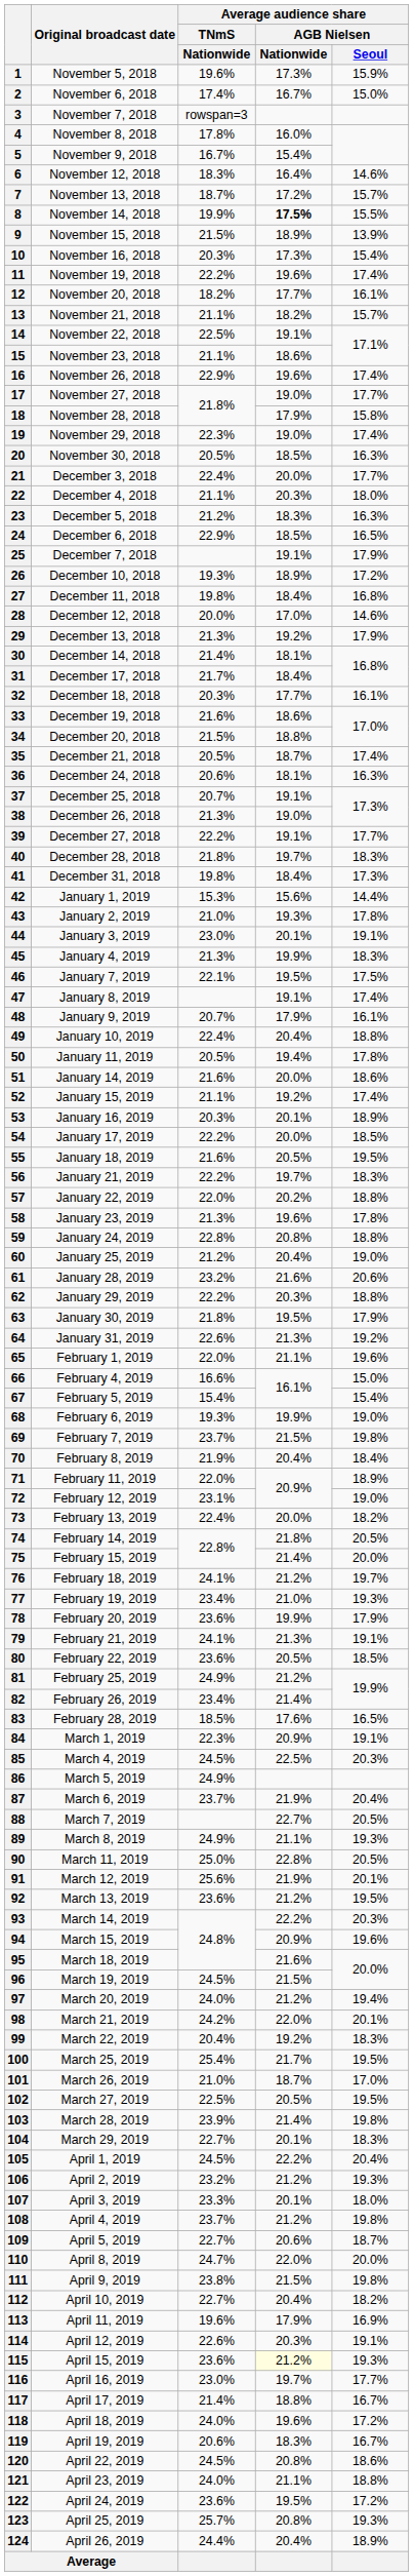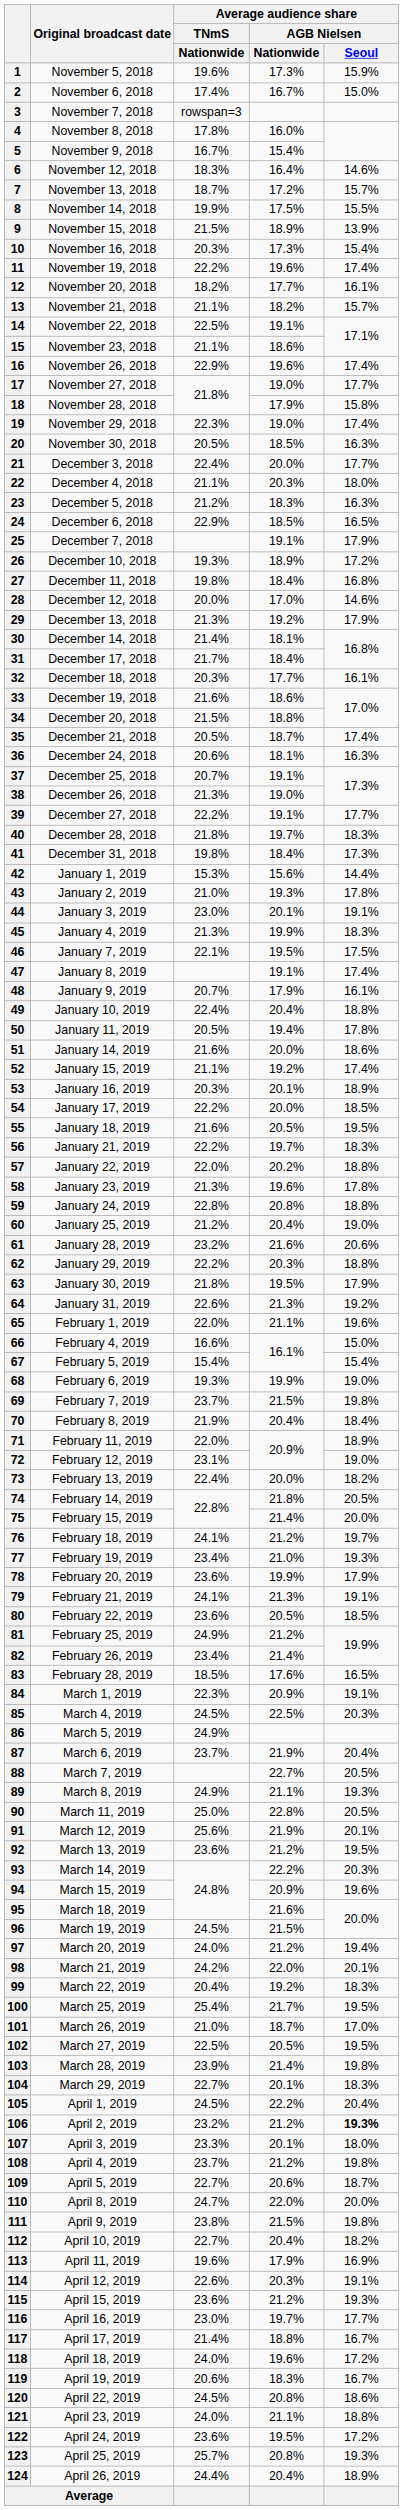 <table class="wikitable" style="text-align:center">
 <tr>
 <th rowspan="3"></th>
 <th rowspan="3">Original broadcast date</th>
 <th colspan="3">Average audience share</th>
 </tr>
 <tr>
 <th>TNmS</th>
 <th colspan="2">AGB Nielsen</th>
 </tr>
 <tr>
 <th width="90">Nationwide</th>
 <th width="90">Nationwide</th>
 <th width="90"><a href='#'>Seoul</a></th>
 </tr>
 <tr>
 <th>1</th>
 <td>November 5, 2018</td>
 <td>19.6%</td>
 <td>17.3%	</td>
 <td>15.9% </td>
 </tr>
 <tr>
 <th>2</th>
 <td>November 6, 2018</td>
 <td>17.4%</td>
 <td>16.7%	</td>
 <td>15.0% </td>
 </tr>
 <tr>
 <th>3</th>
 <td>November 7, 2018</td>
 <td>rowspan=3 </td>
 <td> </td>
 <td> </td>
 </tr>
 <tr>
 <th>4</th>
 <td>November 8, 2018</td>
 <td>17.8% </td>
 <td>16.0% </td>
 </tr>
 <tr>
 <th>5</th>
 <td>November 9, 2018</td>
 <td>16.7% </td>
 <td>15.4% </td>
 </tr>
 <tr>
 <th>6</th>
 <td>November 12, 2018</td>
 <td>18.3%</td>
 <td>16.4%	</td>
 <td>14.6% </td>
 </tr>
 <tr>
 <th>7</th>
 <td>November 13, 2018</td>
 <td>18.7%</td>
 <td>17.2% </td>
 <td>15.7% </td>
 </tr>
 <tr>
 <th>8</th>
 <td>November 14, 2018</td>
 <td>19.9%</td>
-<td><strong>17.5% </strong></td>
+<td>17.5% </td>
 <td>15.5% </td>
 </tr>
 <tr>
 <th>9</th>
 <td>November 15, 2018</td>
 <td>21.5%</td>
 <td>18.9% </td>
 <td>13.9% </td>
 </tr>
 <tr>
 <th>10</th>
 <td>November 16, 2018</td>
 <td>20.3%</td>
 <td>17.3% </td>
 <td>15.4% </td>
 </tr>
 <tr>
 <th>11</th>
 <td>November 19, 2018</td>
 <td>22.2%</td>
 <td>19.6% </td>
 <td>17.4% </td>
 </tr>
 <tr>
 <th>12</th>
 <td>November 20, 2018</td>
 <td>18.2%</td>
 <td>17.7% </td>
 <td>16.1% </td>
 </tr>
 <tr>
 <th>13</th>
 <td>November 21, 2018</td>
 <td>21.1%</td>
 <td>18.2% </td>
 <td>15.7% </td>
 </tr>
 <tr>
 <th>14</th>
 <td>November 22, 2018</td>
 <td>22.5%</td>
 <td>19.1% </td>
 <td rowspan=2>17.1% </td>
 </tr>
 <tr>
 <th>15</th>
 <td>November 23, 2018</td>
 <td>21.1%</td>
 <td>18.6% </td>
 </tr>
 <tr>
 <th>16</th>
 <td>November 26, 2018</td>
 <td>22.9%</td>
 <td>19.6% </td>
 <td>17.4% </td>
 </tr>
 <tr>
 <th>17</th>
 <td>November 27, 2018</td>
 <td rowspan=2>21.8%</td>
 <td>19.0% </td>
 <td>17.7% </td>
 </tr>
 <tr>
 <th>18</th>
 <td>November 28, 2018</td>
 <td>17.9% </td>
 <td>15.8% </td>
 </tr>
 <tr>
 <th>19</th>
 <td>November 29, 2018</td>
 <td>22.3%</td>
 <td>19.0% </td>
 <td>17.4% </td>
 </tr>
 <tr>
 <th>20</th>
 <td>November 30, 2018</td>
 <td>20.5%</td>
 <td>18.5% </td>
 <td>16.3% </td>
 </tr>
 <tr>
 <th>21</th>
 <td>December 3, 2018</td>
 <td>22.4%</td>
 <td>20.0% </td>
 <td>17.7% </td>
 </tr>
 <tr>
 <th>22</th>
 <td>December 4, 2018</td>
 <td>21.1%</td>
 <td>20.3% </td>
 <td>18.0% </td>
 </tr>
 <tr>
 <th>23</th>
 <td>December 5, 2018</td>
 <td>21.2%</td>
 <td>18.3% </td>
 <td>16.3% </td>
 </tr>
 <tr>
 <th>24</th>
 <td>December 6, 2018</td>
 <td>22.9%</td>
 <td>18.5% </td>
 <td>16.5% </td>
 </tr>
 <tr>
 <th>25</th>
 <td>December 7, 2018</td>
 <td></td>
 <td>19.1% </td>
 <td>17.9% </td>
 </tr>
 <tr>
 <th>26</th>
 <td>December 10, 2018</td>
 <td>19.3%</td>
 <td>18.9% </td>
 <td>17.2% </td>
 </tr>
 <tr>
 <th>27</th>
 <td>December 11, 2018</td>
 <td>19.8%</td>
 <td>18.4% </td>
 <td>16.8% </td>
 </tr>
 <tr>
 <th>28</th>
 <td>December 12, 2018</td>
 <td>20.0%</td>
 <td>17.0% </td>
 <td>14.6% </td>
 </tr>
 <tr>
 <th>29</th>
 <td>December 13, 2018</td>
 <td>21.3%</td>
 <td>19.2% </td>
 <td>17.9% </td>
 </tr>
 <tr>
 <th>30</th>
 <td>December 14, 2018</td>
 <td>21.4%</td>
 <td>18.1% </td>
 <td rowspan=2>16.8% </td>
 </tr>
 <tr>
 <th>31</th>
 <td>December 17, 2018</td>
 <td>21.7%</td>
 <td>18.4% </td>
 </tr>
 <tr>
 <th>32</th>
 <td>December 18, 2018</td>
 <td>20.3%</td>
 <td>17.7% </td>
 <td>16.1% </td>
 </tr>
 <tr>
 <th>33</th>
 <td>December 19, 2018</td>
 <td>21.6%</td>
 <td>18.6% </td>
 <td rowspan=2>17.0% </td>
 </tr>
 <tr>
 <th>34</th>
 <td>December 20, 2018</td>
 <td>21.5%</td>
 <td>18.8% </td>
 </tr>
 <tr>
 <th>35</th>
 <td>December 21, 2018</td>
 <td>20.5%</td>
 <td>18.7% </td>
 <td>17.4% </td>
 </tr>
 <tr>
 <th>36</th>
 <td>December 24, 2018</td>
 <td>20.6%</td>
 <td>18.1% </td>
 <td>16.3% </td>
 </tr>
 <tr>
 <th>37</th>
 <td>December 25, 2018</td>
 <td>20.7%</td>
 <td>19.1% </td>
 <td rowspan=2>17.3% </td>
 </tr>
 <tr>
 <th>38</th>
 <td>December 26, 2018</td>
 <td>21.3%</td>
 <td>19.0% </td>
 </tr>
 <tr>
 <th>39</th>
 <td>December 27, 2018</td>
 <td>22.2%</td>
 <td>19.1% </td>
 <td>17.7% </td>
 </tr>
 <tr>
 <th>40</th>
 <td>December 28, 2018</td>
 <td>21.8%</td>
 <td>19.7% </td>
 <td>18.3% </td>
 </tr>
 <tr>
 <th>41</th>
 <td>December 31, 2018</td>
 <td>19.8%</td>
 <td>18.4% </td>
 <td>17.3% </td>
 </tr>
 <tr>
 <th>42</th>
 <td>January 1, 2019</td>
 <td>15.3%</td>
 <td>15.6% </td>
 <td>14.4% </td>
 </tr>
 <tr>
 <th>43</th>
 <td>January 2, 2019</td>
 <td>21.0%</td>
 <td>19.3% </td>
 <td>17.8% </td>
 </tr>
 <tr>
 <th>44</th>
 <td>January 3, 2019</td>
 <td>23.0%</td>
 <td>20.1% </td>
 <td>19.1% </td>
 </tr>
 <tr>
 <th>45</th>
 <td>January 4, 2019</td>
 <td>21.3%</td>
 <td>19.9% </td>
 <td>18.3% </td>
 </tr>
 <tr>
 <th>46</th>
 <td>January 7, 2019</td>
 <td>22.1%</td>
 <td>19.5% </td>
 <td>17.5% </td>
 </tr>
 <tr>
 <th>47</th>
 <td>January 8, 2019</td>
 <td></td>
 <td>19.1% </td>
 <td>17.4% </td>
 </tr>
 <tr>
 <th>48</th>
 <td>January 9, 2019</td>
 <td>20.7%</td>
 <td>17.9% </td>
 <td>16.1% </td>
 </tr>
 <tr>
 <th>49</th>
 <td>January 10, 2019</td>
 <td>22.4%</td>
 <td>20.4% </td>
 <td>18.8% </td>
 </tr>
 <tr>
 <th>50</th>
 <td>January 11, 2019</td>
 <td>20.5%</td>
 <td>19.4% </td>
 <td>17.8% </td>
 </tr>
 <tr>
 <th>51</th>
 <td>January 14, 2019</td>
 <td>21.6%</td>
 <td>20.0% </td>
 <td>18.6% </td>
 </tr>
 <tr>
 <th>52</th>
 <td>January 15, 2019</td>
 <td>21.1%</td>
 <td>19.2% </td>
 <td>17.4% </td>
 </tr>
 <tr>
 <th>53</th>
 <td>January 16, 2019</td>
 <td>20.3%</td>
 <td>20.1% </td>
 <td>18.9% </td>
 </tr>
 <tr>
 <th>54</th>
 <td>January 17, 2019</td>
 <td>22.2%</td>
 <td>20.0% </td>
 <td>18.5% </td>
 </tr>
 <tr>
 <th>55</th>
 <td>January 18, 2019</td>
 <td>21.6%</td>
 <td>20.5% </td>
 <td>19.5% </td>
 </tr>
 <tr>
 <th>56</th>
 <td>January 21, 2019</td>
 <td>22.2%</td>
 <td>19.7% </td>
 <td>18.3%	</td>
 </tr>
 <tr>
 <th>57</th>
 <td>January 22, 2019</td>
 <td>22.0%</td>
 <td>20.2% </td>
 <td>18.8% </td>
 </tr>
 <tr>
 <th>58</th>
 <td>January 23, 2019</td>
 <td>21.3%</td>
 <td>19.6% </td>
 <td>17.8% </td>
 </tr>
 <tr>
 <th>59</th>
 <td>January 24, 2019</td>
 <td>22.8%</td>
 <td>20.8% </td>
 <td>18.8% </td>
 </tr>
 <tr>
 <th>60</th>
 <td>January 25, 2019</td>
 <td>21.2%</td>
 <td>20.4% </td>
 <td>19.0% </td>
 </tr>
 <tr>
 <th>61</th>
 <td>January 28, 2019</td>
 <td>23.2%</td>
 <td>21.6% </td>
 <td>20.6% </td>
 </tr>
 <tr>
 <th>62</th>
 <td>January 29, 2019</td>
 <td>22.2%</td>
 <td>20.3% </td>
 <td>18.8% </td>
 </tr>
 <tr>
 <th>63</th>
 <td>January 30, 2019</td>
 <td>21.8%</td>
 <td>19.5% </td>
 <td>17.9% </td>
 </tr>
 <tr>
 <th>64</th>
 <td>January 31, 2019</td>
 <td>22.6%</td>
 <td>21.3% </td>
 <td>19.2% </td>
 </tr>
 <tr>
 <th>65</th>
 <td>February 1, 2019</td>
 <td>22.0%</td>
 <td>21.1% </td>
 <td>19.6% </td>
 </tr>
 <tr>
 <th>66</th>
 <td>February 4, 2019</td>
 <td>16.6%</td>
 <td rowspan=2>16.1% </td>
 <td>15.0% </td>
 </tr>
 <tr>
 <th>67</th>
 <td>February 5, 2019</td>
 <td>15.4%</td>
 <td>15.4% </td>
 </tr>
 <tr>
 <th>68</th>
 <td>February 6, 2019</td>
 <td>19.3%</td>
 <td>19.9% </td>
 <td>19.0% </td>
 </tr>
 <tr>
 <th>69</th>
 <td>February 7, 2019</td>
 <td>23.7%</td>
 <td>21.5% </td>
 <td>19.8% </td>
 </tr>
 <tr>
 <th>70</th>
 <td>February 8, 2019</td>
 <td>21.9%</td>
 <td>20.4% </td>
 <td>18.4% </td>
 </tr>
 <tr>
 <th>71</th>
 <td>February 11, 2019</td>
 <td>22.0%</td>
 <td rowspan=2>20.9% </td>
 <td>18.9% </td>
 </tr>
 <tr>
 <th>72</th>
 <td>February 12, 2019</td>
 <td>23.1%</td>
 <td>19.0% </td>
 </tr>
 <tr>
 <th>73</th>
 <td>February 13, 2019</td>
 <td>22.4%</td>
 <td>20.0% </td>
 <td>18.2% </td>
 </tr>
 <tr>
 <th>74</th>
 <td>February 14, 2019</td>
 <td rowspan=2>22.8%</td>
 <td>21.8% </td>
 <td>20.5% </td>
 </tr>
 <tr>
 <th>75</th>
 <td>February 15, 2019</td>
 <td>21.4% </td>
 <td>20.0% </td>
 </tr>
 <tr>
 <th>76</th>
 <td>February 18, 2019</td>
 <td>24.1%</td>
 <td>21.2% </td>
 <td>19.7% </td>
 </tr>
 <tr>
 <th>77</th>
 <td>February 19, 2019</td>
 <td>23.4%</td>
 <td>21.0% </td>
 <td>19.3% </td>
 </tr>
 <tr>
 <th>78</th>
 <td>February 20, 2019</td>
 <td>23.6%</td>
 <td>19.9% </td>
 <td>17.9% </td>
 </tr>
 <tr>
 <th>79</th>
 <td>February 21, 2019</td>
 <td>24.1%</td>
 <td>21.3% </td>
 <td>19.1% </td>
 </tr>
 <tr>
 <th>80</th>
 <td>February 22, 2019</td>
 <td>23.6%</td>
 <td>20.5% </td>
 <td>18.5% </td>
 </tr>
 <tr>
 <th>81</th>
 <td>February 25, 2019</td>
 <td>24.9%</td>
 <td>21.2% </td>
 <td rowspan=2>19.9% </td>
 </tr>
 <tr>
 <th>82</th>
 <td>February 26, 2019</td>
 <td>23.4%</td>
 <td>21.4% </td>
 </tr>
 <tr>
 <th>83</th>
 <td>February 28, 2019</td>
 <td>18.5%</td>
 <td>17.6% </td>
 <td>16.5% </td>
 </tr>
 <tr>
 <th>84</th>
 <td>March 1, 2019</td>
 <td>22.3%</td>
 <td>20.9% </td>
 <td>19.1% </td>
 </tr>
 <tr>
 <th>85</th>
 <td>March 4, 2019</td>
 <td>24.5%</td>
 <td>22.5% </td>
 <td>20.3% </td>
 </tr>
 <tr>
 <th>86</th>
 <td>March 5, 2019</td>
 <td>24.9%</td>
 <td> </td>
 <td> </td>
 </tr>
 <tr>
 <th>87</th>
 <td>March 6, 2019</td>
 <td>23.7%</td>
 <td>21.9% </td>
 <td>20.4% </td>
 </tr>
 <tr>
 <th>88</th>
 <td>March 7, 2019</td>
 <td></td>
 <td>22.7% </td>
 <td>20.5% </td>
 </tr>
 <tr>
 <th>89</th>
 <td>March 8, 2019</td>
 <td>24.9%</td>
 <td>21.1% </td>
 <td>19.3% </td>
 </tr>
 <tr>
 <th>90</th>
 <td>March 11, 2019</td>
 <td>25.0%</td>
 <td>22.8% </td>
 <td>20.5% </td>
 </tr>
 <tr>
 <th>91</th>
 <td>March 12, 2019</td>
 <td>25.6%</td>
 <td>21.9% </td>
 <td>20.1% </td>
 </tr>
 <tr>
 <th>92</th>
 <td>March 13, 2019</td>
 <td>23.6%</td>
 <td>21.2% </td>
 <td>19.5% </td>
 </tr>
 <tr>
 <th>93</th>
 <td>March 14, 2019</td>
 <td rowspan=3>24.8%</td>
 <td>22.2% </td>
 <td>20.3% </td>
 </tr>
 <tr>
 <th>94</th>
 <td>March 15, 2019</td>
 <td>20.9% </td>
 <td>19.6% </td>
 </tr>
 <tr>
 <th>95</th>
 <td>March 18, 2019</td>
 <td>21.6% </td>
 <td rowspan=2>20.0% </td>
 </tr>
 <tr>
 <th>96</th>
 <td>March 19, 2019</td>
 <td>24.5%</td>
 <td>21.5% </td>
 </tr>
 <tr>
 <th>97</th>
 <td>March 20, 2019</td>
 <td>24.0%</td>
 <td>21.2% </td>
 <td>19.4% </td>
 </tr>
 <tr>
 <th>98</th>
 <td>March 21, 2019</td>
 <td>24.2%</td>
 <td>22.0% </td>
 <td>20.1% </td>
 </tr>
 <tr>
 <th>99</th>
 <td>March 22, 2019</td>
 <td>20.4%</td>
 <td>19.2% </td>
 <td>18.3% </td>
 </tr>
 <tr>
 <th>100</th>
 <td>March 25, 2019</td>
 <td>25.4%</td>
 <td>21.7% </td>
 <td>19.5% </td>
 </tr>
 <tr>
 <th>101</th>
 <td>March 26, 2019</td>
 <td>21.0%</td>
 <td>18.7% </td>
 <td>17.0% </td>
 </tr>
 <tr>
 <th>102</th>
 <td>March 27, 2019</td>
 <td>22.5%</td>
 <td>20.5% </td>
 <td>19.5% </td>
 </tr>
 <tr>
 <th>103</th>
 <td>March 28, 2019</td>
 <td>23.9%</td>
 <td>21.4% </td>
 <td>19.8% </td>
 </tr>
 <tr>
 <th>104</th>
 <td>March 29, 2019</td>
 <td>22.7%</td>
 <td>20.1% </td>
 <td>18.3% </td>
 </tr>
 <tr>
 <th>105</th>
 <td>April 1, 2019</td>
 <td>24.5%</td>
 <td>22.2% </td>
 <td>20.4% </td>
 </tr>
 <tr>
 <th>106</th>
 <td>April 2, 2019</td>
 <td>23.2%</td>
 <td>21.2% </td>
-<td>19.3% </td>
+<td><strong>19.3% </strong></td>
 </tr>
 <tr>
 <th>107</th>
 <td>April 3, 2019</td>
 <td>23.3%</td>
 <td>20.1% </td>
 <td>18.0% </td>
 </tr>
 <tr>
 <th>108</th>
 <td>April 4, 2019</td>
 <td>23.7%</td>
 <td>21.2% </td>
 <td>19.8% </td>
 </tr>
 <tr>
 <th>109</th>
 <td>April 5, 2019</td>
 <td>22.7%</td>
 <td>20.6% </td>
 <td>18.7% </td>
 </tr>
 <tr>
 <th>110</th>
 <td>April 8, 2019</td>
 <td>24.7%</td>
 <td>22.0% </td>
 <td>20.0% </td>
 </tr>
 <tr>
 <th>111</th>
 <td>April 9, 2019</td>
 <td>23.8%</td>
 <td>21.5% </td>
 <td>19.8% </td>
 </tr>
 <tr>
 <th>112</th>
 <td>April 10, 2019</td>
 <td>22.7%</td>
 <td>20.4% </td>
 <td>18.2% </td>
 </tr>
 <tr>
 <th>113</th>
 <td>April 11, 2019</td>
 <td>19.6%</td>
 <td>17.9% </td>
 <td>16.9% </td>
 </tr>
 <tr>
 <th>114</th>
 <td>April 12, 2019</td>
 <td>22.6%</td>
 <td>20.3% </td>
 <td>19.1% </td>
 </tr>
 <tr>
 <th>115</th>
 <td>April 15, 2019</td>
 <td>23.6%</td>
-<td style="background: lightyellow;">21.2% </td>
+<td>21.2% </td>
 <td>19.3% </td>
 </tr>
 <tr>
 <th>116</th>
 <td>April 16, 2019</td>
 <td>23.0%</td>
 <td>19.7% </td>
 <td>17.7% </td>
 </tr>
 <tr>
 <th>117</th>
 <td>April 17, 2019</td>
 <td>21.4%</td>
 <td>18.8% </td>
 <td>16.7% </td>
 </tr>
 <tr>
 <th>118</th>
 <td>April 18, 2019</td>
 <td>24.0%</td>
 <td>19.6% </td>
 <td>17.2% </td>
 </tr>
 <tr>
 <th>119</th>
 <td>April 19, 2019</td>
 <td>20.6%</td>
 <td>18.3% </td>
 <td>16.7% </td>
 </tr>
 <tr>
 <th>120</th>
 <td>April 22, 2019</td>
 <td>24.5%</td>
 <td>20.8% </td>
 <td>18.6% </td>
 </tr>
 <tr>
 <th>121</th>
 <td>April 23, 2019</td>
 <td>24.0%</td>
 <td>21.1% </td>
 <td>18.8% </td>
 </tr>
 <tr>
 <th>122</th>
 <td>April 24, 2019</td>
 <td>23.6%</td>
 <td>19.5% </td>
 <td>17.2% </td>
 </tr>
 <tr>
 <th>123</th>
 <td>April 25, 2019</td>
 <td>25.7%</td>
 <td>20.8% </td>
 <td>19.3% </td>
 </tr>
 <tr>
 <th>124</th>
 <td>April 26, 2019</td>
 <td>24.4%</td>
 <td>20.4% </td>
 <td>18.9% </td>
 </tr>
 <tr>
 <th colspan="2">Average</th>
 <th></th>
 <th></th>
 <th></th>
 </tr>
 </table>
